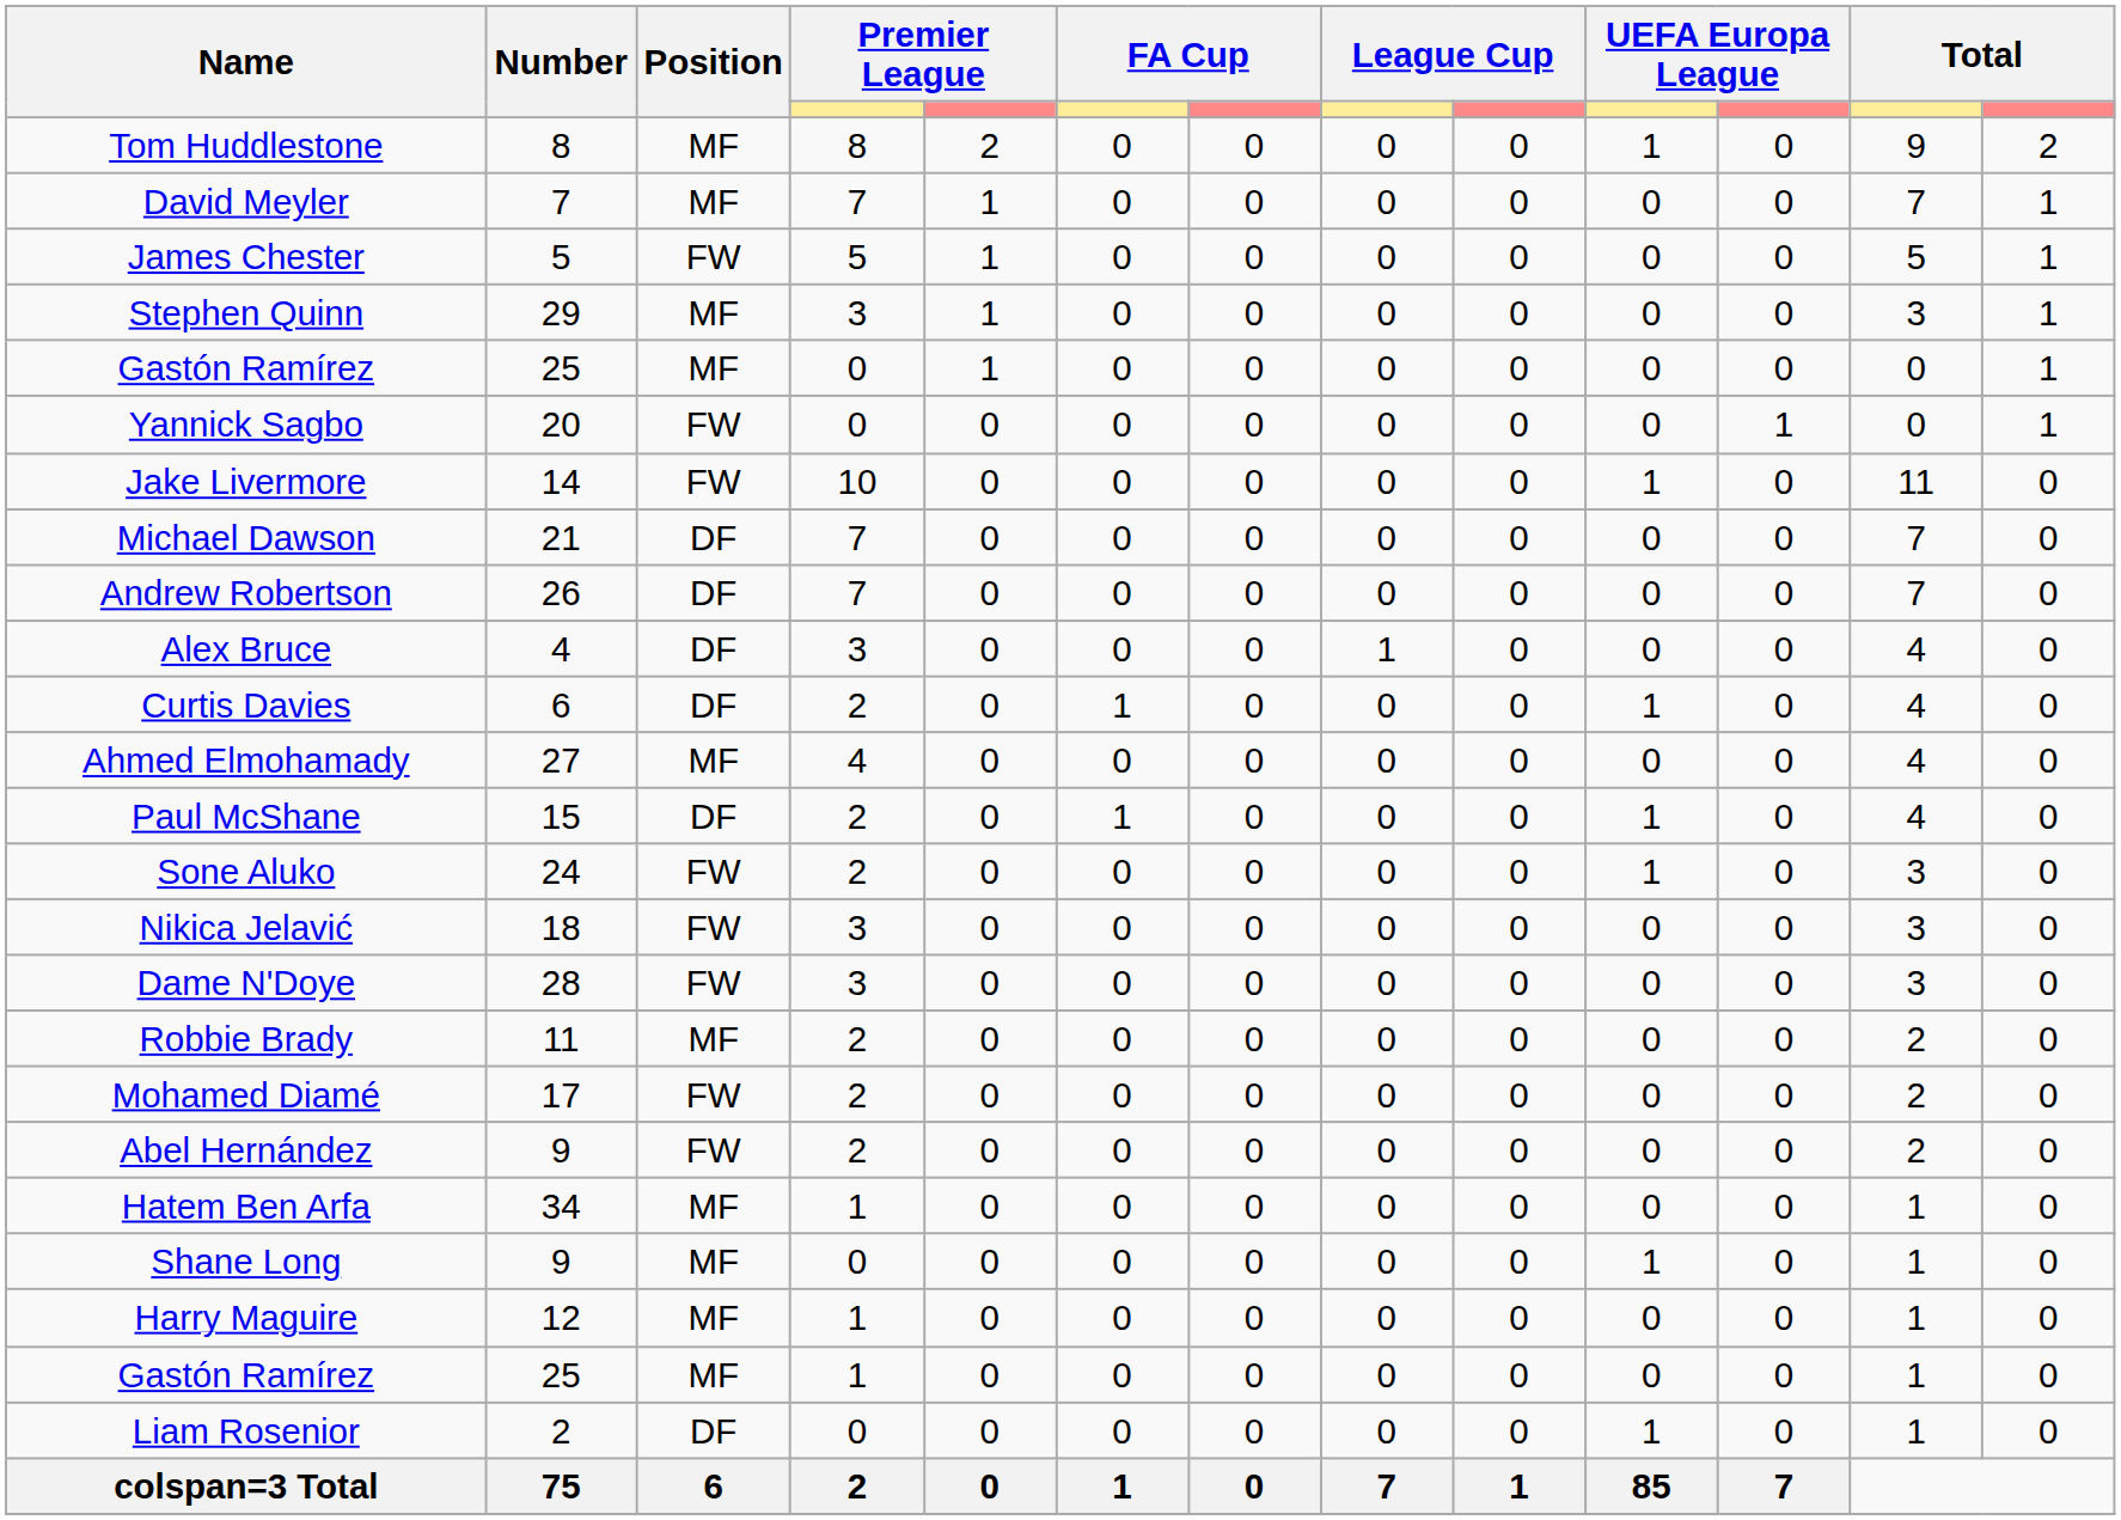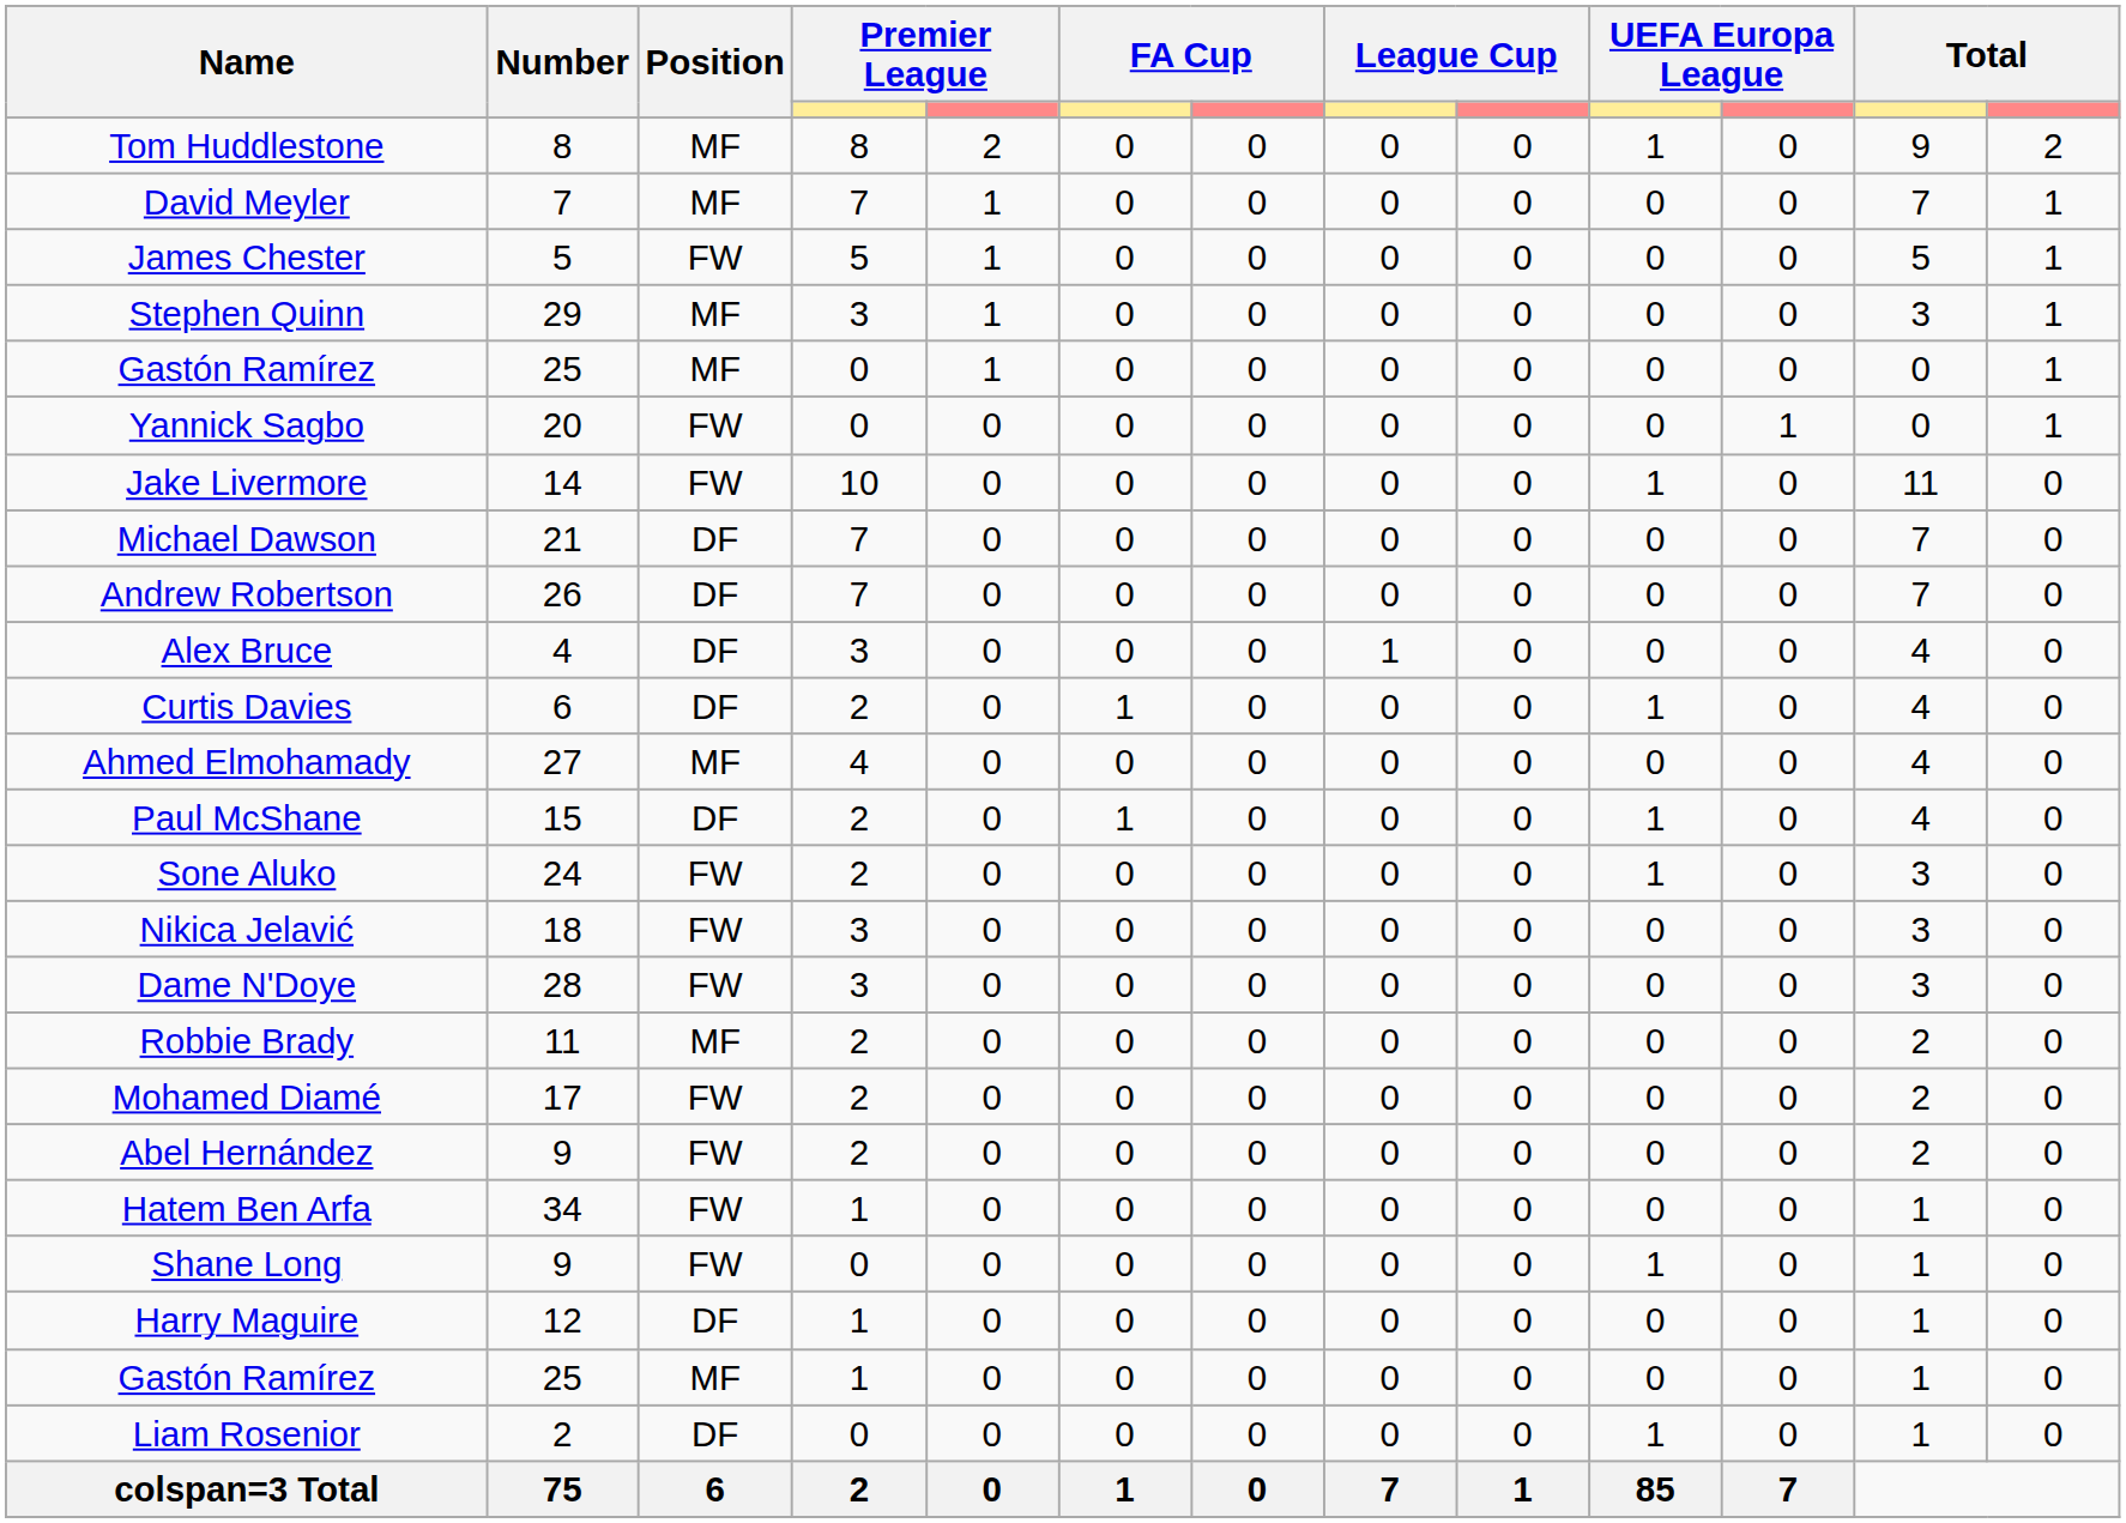 <table class="wikitable" style="font-size: 95%; text-align: center;">
 <tr>
 <th rowspan=2; width=200>Name</th>
 <th rowspan=2>Number</th>
 <th rowspan=2>Position</th>
 <th colspan=2><a href='#'>Premier League</a></th>
 <th colspan=2><a href='#'>FA Cup</a></th>
 <th colspan=2><a href='#'>League Cup</a></th>
 <th colspan=2><a href='#'>UEFA Europa League</a></th>
 <th colspan=2>Total</th>
 </tr>
 <tr>
 <th width=50 style="background:#FFEE99"></th>
 <th width=50 style="background:#FF8888"></th>
 <th width=50 style="background:#FFEE99"></th>
 <th width=50 style="background:#FF8888"></th>
 <th width=50 style="background:#FFEE99"></th>
 <th width=50 style="background:#FF8888"></th>
 <th width=50 style="background:#FFEE99"></th>
 <th width=50 style="background:#FF8888"></th>
 <th width=50 style="background:#FFEE99"></th>
 <th width=50 style="background:#FF8888"></th>
 </tr>
 <tr>
 <td> <a href='#'>Tom Huddlestone</a></td>
 <td>8</td>
 <td>MF</td>
 <td>8</td>
 <td>2</td>
 <td>0</td>
 <td>0</td>
 <td>0</td>
 <td>0</td>
 <td>1</td>
 <td>0</td>
 <td>9</td>
 <td>2</td>
 </tr>
 <tr>
 <td> <a href='#'>David Meyler</a></td>
 <td>7</td>
 <td>MF</td>
 <td>7</td>
 <td>1</td>
 <td>0</td>
 <td>0</td>
 <td>0</td>
 <td>0</td>
 <td>0</td>
 <td>0</td>
 <td>7</td>
 <td>1</td>
 </tr>
 <tr>
 <td> <a href='#'>James Chester</a></td>
 <td>5</td>
 <td>FW</td>
 <td>5</td>
 <td>1</td>
 <td>0</td>
 <td>0</td>
 <td>0</td>
 <td>0</td>
 <td>0</td>
 <td>0</td>
 <td>5</td>
 <td>1</td>
 </tr>
 <tr>
 <td> <a href='#'>Stephen Quinn</a></td>
 <td>29</td>
 <td>MF</td>
 <td>3</td>
 <td>1</td>
 <td>0</td>
 <td>0</td>
 <td>0</td>
 <td>0</td>
 <td>0</td>
 <td>0</td>
 <td>3</td>
 <td>1</td>
 </tr>
 <tr>
 <td> <a href='#'>Gastón Ramírez</a></td>
 <td>25</td>
 <td>MF</td>
 <td>0</td>
 <td>1</td>
 <td>0</td>
 <td>0</td>
 <td>0</td>
 <td>0</td>
 <td>0</td>
 <td>0</td>
 <td>0</td>
 <td>1</td>
 </tr>
 <tr>
 <td> <a href='#'>Yannick Sagbo</a></td>
 <td>20</td>
 <td>FW</td>
 <td>0</td>
 <td>0</td>
 <td>0</td>
 <td>0</td>
 <td>0</td>
 <td>0</td>
 <td>0</td>
 <td>1</td>
 <td>0</td>
 <td>1</td>
 </tr>
 <tr>
 <td> <a href='#'>Jake Livermore</a></td>
 <td>14</td>
 <td>FW</td>
 <td>10</td>
 <td>0</td>
 <td>0</td>
 <td>0</td>
 <td>0</td>
 <td>0</td>
 <td>1</td>
 <td>0</td>
 <td>11</td>
 <td>0</td>
 </tr>
 <tr>
 <td> <a href='#'>Michael Dawson</a></td>
 <td>21</td>
 <td>DF</td>
 <td>7</td>
 <td>0</td>
 <td>0</td>
 <td>0</td>
 <td>0</td>
 <td>0</td>
 <td>0</td>
 <td>0</td>
 <td>7</td>
 <td>0</td>
 </tr>
 <tr>
 <td> <a href='#'>Andrew Robertson</a></td>
 <td>26</td>
 <td>DF</td>
 <td>7</td>
 <td>0</td>
 <td>0</td>
 <td>0</td>
 <td>0</td>
 <td>0</td>
 <td>0</td>
 <td>0</td>
 <td>7</td>
 <td>0</td>
 </tr>
 <tr>
 <td> <a href='#'>Alex Bruce</a></td>
 <td>4</td>
 <td>DF</td>
 <td>3</td>
 <td>0</td>
 <td>0</td>
 <td>0</td>
 <td>1</td>
 <td>0</td>
 <td>0</td>
 <td>0</td>
 <td>4</td>
 <td>0</td>
 </tr>
 <tr>
 <td> <a href='#'>Curtis Davies</a></td>
 <td>6</td>
 <td>DF</td>
 <td>2</td>
 <td>0</td>
 <td>1</td>
 <td>0</td>
 <td>0</td>
 <td>0</td>
 <td>1</td>
 <td>0</td>
 <td>4</td>
 <td>0</td>
 </tr>
 <tr>
 <td> <a href='#'>Ahmed Elmohamady</a></td>
 <td>27</td>
 <td>MF</td>
 <td>4</td>
 <td>0</td>
 <td>0</td>
 <td>0</td>
 <td>0</td>
 <td>0</td>
 <td>0</td>
 <td>0</td>
 <td>4</td>
 <td>0</td>
 </tr>
 <tr>
 <td> <a href='#'>Paul McShane</a></td>
 <td>15</td>
 <td>DF</td>
 <td>2</td>
 <td>0</td>
 <td>1</td>
 <td>0</td>
 <td>0</td>
 <td>0</td>
 <td>1</td>
 <td>0</td>
 <td>4</td>
 <td>0</td>
 </tr>
 <tr>
 <td> <a href='#'>Sone Aluko</a></td>
 <td>24</td>
 <td>FW</td>
 <td>2</td>
 <td>0</td>
 <td>0</td>
 <td>0</td>
 <td>0</td>
 <td>0</td>
 <td>1</td>
 <td>0</td>
 <td>3</td>
 <td>0</td>
 </tr>
 <tr>
 <td> <a href='#'>Nikica Jelavić</a></td>
 <td>18</td>
 <td>FW</td>
 <td>3</td>
 <td>0</td>
 <td>0</td>
 <td>0</td>
 <td>0</td>
 <td>0</td>
 <td>0</td>
 <td>0</td>
 <td>3</td>
 <td>0</td>
 </tr>
 <tr>
 <td> <a href='#'>Dame N'Doye</a></td>
 <td>28</td>
 <td>FW</td>
 <td>3</td>
 <td>0</td>
 <td>0</td>
 <td>0</td>
 <td>0</td>
 <td>0</td>
 <td>0</td>
 <td>0</td>
 <td>3</td>
 <td>0</td>
 </tr>
 <tr>
 <td> <a href='#'>Robbie Brady</a></td>
 <td>11</td>
 <td>MF</td>
 <td>2</td>
 <td>0</td>
 <td>0</td>
 <td>0</td>
 <td>0</td>
 <td>0</td>
 <td>0</td>
 <td>0</td>
 <td>2</td>
 <td>0</td>
 </tr>
 <tr>
 <td> <a href='#'>Mohamed Diamé</a></td>
 <td>17</td>
 <td>FW</td>
 <td>2</td>
 <td>0</td>
 <td>0</td>
 <td>0</td>
 <td>0</td>
 <td>0</td>
 <td>0</td>
 <td>0</td>
 <td>2</td>
 <td>0</td>
 </tr>
 <tr>
 <td> <a href='#'>Abel Hernández</a></td>
 <td>9</td>
 <td>FW</td>
 <td>2</td>
 <td>0</td>
 <td>0</td>
 <td>0</td>
 <td>0</td>
 <td>0</td>
 <td>0</td>
 <td>0</td>
 <td>2</td>
 <td>0</td>
 </tr>
 <tr>
 <td> <a href='#'>Hatem Ben Arfa</a></td>
 <td>34</td>
-<td>MF</td>
+<td>FW</td>
 <td>1</td>
 <td>0</td>
 <td>0</td>
 <td>0</td>
 <td>0</td>
 <td>0</td>
 <td>0</td>
 <td>0</td>
 <td>1</td>
 <td>0</td>
 </tr>
 <tr>
 <td> <a href='#'>Shane Long</a></td>
 <td>9</td>
-<td>MF</td>
+<td>FW</td>
 <td>0</td>
 <td>0</td>
 <td>0</td>
 <td>0</td>
 <td>0</td>
 <td>0</td>
 <td>1</td>
 <td>0</td>
 <td>1</td>
 <td>0</td>
 </tr>
 <tr>
 <td> <a href='#'>Harry Maguire</a></td>
 <td>12</td>
-<td>MF</td>
+<td>DF</td>
 <td>1</td>
 <td>0</td>
 <td>0</td>
 <td>0</td>
 <td>0</td>
 <td>0</td>
 <td>0</td>
 <td>0</td>
 <td>1</td>
 <td>0</td>
 </tr>
 <tr>
 <td> <a href='#'>Gastón Ramírez</a></td>
 <td>25</td>
 <td>MF</td>
 <td>1</td>
 <td>0</td>
 <td>0</td>
 <td>0</td>
 <td>0</td>
 <td>0</td>
 <td>0</td>
 <td>0</td>
 <td>1</td>
 <td>0</td>
 </tr>
 <tr>
 <td> <a href='#'>Liam Rosenior</a></td>
 <td>2</td>
 <td>DF</td>
 <td>0</td>
 <td>0</td>
 <td>0</td>
 <td>0</td>
 <td>0</td>
 <td>0</td>
 <td>1</td>
 <td>0</td>
 <td>1</td>
 <td>0</td>
 </tr>
 <tr>
 <th>colspan=3 Total</th>
 <th>75</th>
 <th>6</th>
 <th>2</th>
 <th>0</th>
 <th>1</th>
 <th>0</th>
 <th>7</th>
 <th>1</th>
 <th>85</th>
 <th>7</th>
 </tr>
 <tr>
 </tr>
 </table>
